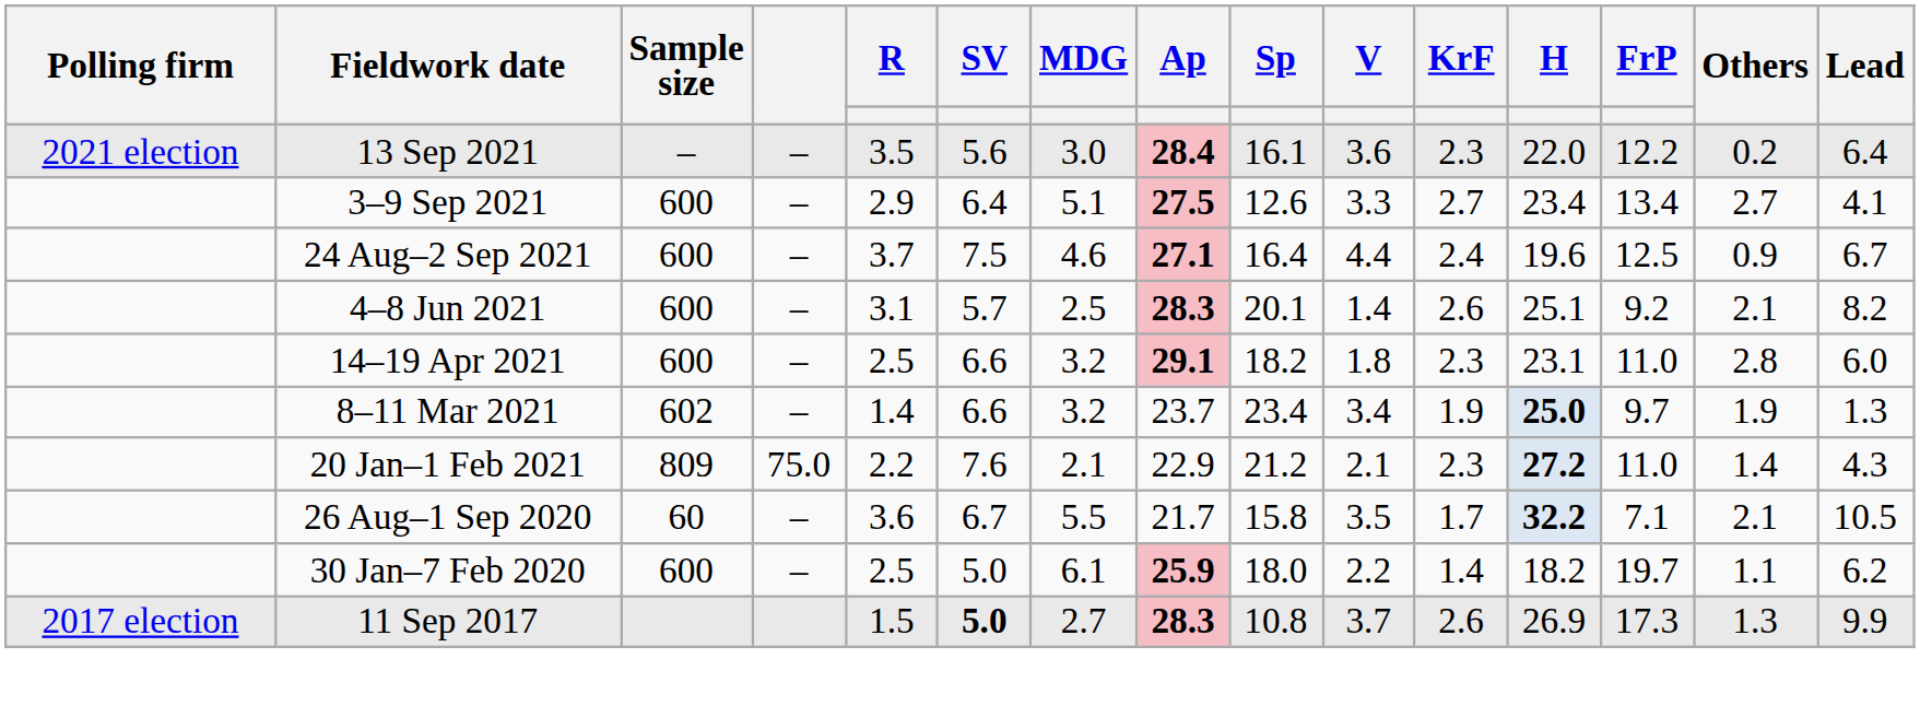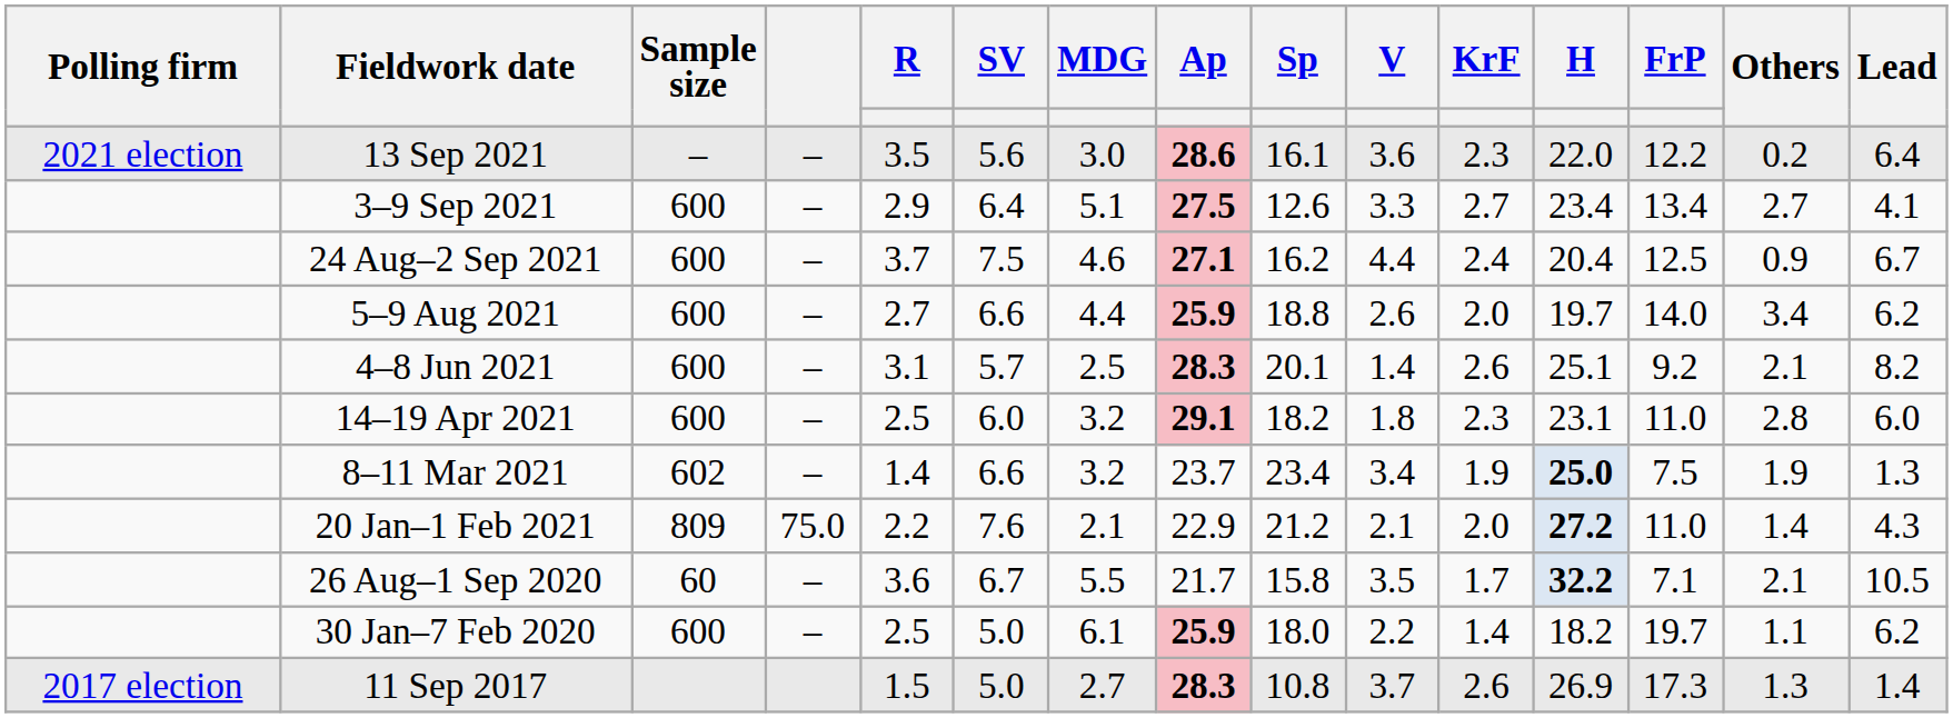 <table class="wikitable mw-collapsible sortable" style="text-align:center;font-size:90%;line-height:14px;">
 <tr style="height:40px;">
 <th rowspan="2" style="width:100px;">Polling firm</th>
 <th rowspan="2" style="width:130px;">Fieldwork date</th>
 <th rowspan="2" style="width:35px;">Sample<br>size</th>
 <th rowspan="2" style="width:30px;"></th>
 <th class="unsortable" style="width:30px;"><a href='#'>R</a></th>
 <th class="unsortable" style="width:30px;"><a href='#'>SV</a></th>
 <th class="unsortable" style="width:30px;"><a href='#'>MDG</a></th>
 <th class="unsortable" style="width:30px;"><a href='#'>Ap</a></th>
 <th class="unsortable" style="width:30px;"><a href='#'>Sp</a></th>
 <th class="unsortable" style="width:30px;"><a href='#'>V</a></th>
 <th class="unsortable" style="width:30px;"><a href='#'>KrF</a></th>
 <th class="unsortable" style="width:30px;"><a href='#'>H</a></th>
 <th class="unsortable" style="width:30px;"><a href='#'>FrP</a></th>
 <th class="unsortable" style="width:20px;" rowspan="2">Others</th>
 <th rowspan="2" style="width:30px;">Lead</th>
 </tr>
 <tr>
 <th style="background:"></th>
 <th style="background:"></th>
 <th style="background:"></th>
 <th style="background:"></th>
 <th style="background:"></th>
 <th style="background:"></th>
 <th style="background:"></th>
 <th style="background:"></th>
 <th style="background:"></th>
 </tr>
 <tr style="background:#E9E9E9;">
 <td><a href='#'>2021 election</a></td>
 <td data-sort-value="2021-09-13">13 Sep 2021</td>
 <td>–</td>
 <td>–</td>
 <td>3.5</td>
 <td>5.6</td>
 <td>3.0</td>
-<td style="background:#F7BDC5;"><strong>28.4</strong></td>
+<td style="background:#F7BDC5;"><strong>28.6</strong></td>
 <td>16.1</td>
 <td>3.6</td>
 <td>2.3</td>
 <td>22.0</td>
 <td>12.2</td>
 <td>0.2</td>
 <td style="background:">6.4</td>
 </tr>
 <tr>
 <td></td>
 <td data-sort-value="2021-09-09">3–9 Sep 2021</td>
 <td>600</td>
 <td>–</td>
 <td>2.9</td>
 <td>6.4</td>
 <td>5.1</td>
 <td style="background:#F7BDC5;"><strong>27.5</strong></td>
 <td>12.6</td>
 <td>3.3</td>
 <td>2.7</td>
 <td>23.4</td>
 <td>13.4</td>
 <td>2.7</td>
 <td style="background:">4.1</td>
 </tr>
 <tr>
 <td></td>
 <td data-sort-value="2021-09-02">24 Aug–2 Sep 2021</td>
 <td>600</td>
 <td>–</td>
 <td>3.7</td>
 <td>7.5</td>
 <td>4.6</td>
 <td style="background:#F7BDC5;"><strong>27.1</strong></td>
-<td>16.4</td>
+<td>16.2</td>
 <td>4.4</td>
 <td>2.4</td>
-<td>19.6</td>
+<td>20.4</td>
 <td>12.5</td>
 <td>0.9</td>
 <td style="background:">6.7</td>
+</tr>
+<tr>
+<td></td>
+<td data-sort-value="2021-08-09">5–9 Aug 2021</td>
+<td>600</td>
+<td>–</td>
+<td>2.7</td>
+<td>6.6</td>
+<td>4.4</td>
+<td style="background:#F7BDC5;"><strong>25.9</strong></td>
+<td>18.8</td>
+<td>2.6</td>
+<td>2.0</td>
+<td>19.7</td>
+<td>14.0</td>
+<td>3.4</td>
+<td style="background:">6.2</td>
 </tr>
 <tr>
 <td></td>
 <td data-sort-value="2021-06-08">4–8 Jun 2021</td>
 <td>600</td>
 <td>–</td>
 <td>3.1</td>
 <td>5.7</td>
 <td>2.5</td>
 <td style="background:#F7BDC5;"><strong>28.3</strong></td>
 <td>20.1</td>
 <td>1.4</td>
 <td>2.6</td>
 <td>25.1</td>
 <td>9.2</td>
 <td>2.1</td>
 <td style="background:">8.2</td>
 </tr>
 <tr>
 <td></td>
 <td data-sort-value="2021-04-19">14–19 Apr 2021</td>
 <td>600</td>
 <td>–</td>
 <td>2.5</td>
-<td>6.6</td>
+<td>6.0</td>
 <td>3.2</td>
 <td style="background:#F7BDC5;"><strong>29.1</strong></td>
 <td>18.2</td>
 <td>1.8</td>
 <td>2.3</td>
 <td>23.1</td>
 <td>11.0</td>
 <td>2.8</td>
 <td style="background:">6.0</td>
 </tr>
 <tr>
 <td></td>
 <td data-sort-value="2021-03-11">8–11 Mar 2021</td>
 <td>602</td>
 <td>–</td>
 <td>1.4</td>
 <td>6.6</td>
 <td>3.2</td>
 <td>23.7</td>
 <td>23.4</td>
 <td>3.4</td>
 <td>1.9</td>
 <td style="background:#DCE7F3;"><strong>25.0</strong></td>
-<td>9.7</td>
+<td>7.5</td>
 <td>1.9</td>
 <td style="background:">1.3</td>
 </tr>
 <tr>
 <td></td>
 <td data-sort-value="2021-02-01">20 Jan–1 Feb 2021</td>
 <td>809</td>
 <td>75.0</td>
 <td>2.2</td>
 <td>7.6</td>
 <td>2.1</td>
 <td>22.9</td>
 <td>21.2</td>
 <td>2.1</td>
-<td>2.3</td>
+<td>2.0</td>
 <td style="background:#DCE7F3;"><strong>27.2</strong></td>
 <td>11.0</td>
 <td>1.4</td>
 <td style="background:">4.3</td>
 </tr>
 <tr>
 <td></td>
 <td data-sort-value="2020-09-01">26 Aug–1 Sep 2020</td>
 <td>60</td>
 <td>–</td>
 <td>3.6</td>
 <td>6.7</td>
 <td>5.5</td>
 <td>21.7</td>
 <td>15.8</td>
 <td>3.5</td>
 <td>1.7</td>
 <td style="background:#DCE7F3;"><strong>32.2</strong></td>
 <td>7.1</td>
 <td>2.1</td>
 <td style="background:">10.5</td>
 </tr>
 <tr>
 <td></td>
 <td data-sort-value="2020-02-07">30 Jan–7 Feb 2020</td>
 <td>600</td>
 <td>–</td>
 <td>2.5</td>
 <td>5.0</td>
 <td>6.1</td>
 <td style="background:#F7BDC5;"><strong>25.9</strong></td>
 <td>18.0</td>
 <td>2.2</td>
 <td>1.4</td>
 <td>18.2</td>
 <td>19.7</td>
 <td>1.1</td>
 <td style="background:">6.2</td>
 </tr>
 <tr style="background:#E9E9E9;">
 <td><a href='#'>2017 election</a></td>
 <td data-sort-value="2017-09-11">11 Sep 2017</td>
 <td></td>
 <td></td>
 <td>1.5</td>
-<td><strong>5.0</strong></td>
+<td>5.0</td>
 <td>2.7</td>
 <td style="background:#F7BDC5;"><strong>28.3</strong></td>
 <td>10.8</td>
 <td>3.7</td>
 <td>2.6</td>
 <td>26.9</td>
 <td>17.3</td>
 <td>1.3</td>
-<td style="background:">9.9</td>
+<td style="background:">1.4</td>
 </tr>
 </table>
